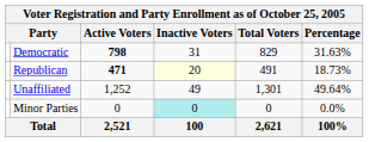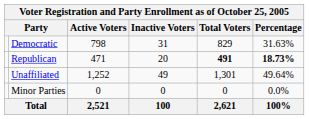 <table class=wikitable>
 <tr>
 <th colspan = 6>Voter Registration and Party Enrollment as of October 25, 2005</th>
 </tr>
 <tr>
 <th colspan = 2>Party</th>
 <th>Active Voters</th>
 <th>Inactive Voters</th>
 <th>Total Voters</th>
 <th>Percentage</th>
 </tr>
 <tr>
 <td></td>
 <td><a href='#'>Democratic</a></td>
-<td align = center><strong>798</strong></td>
+<td align = center>798</td>
 <td align = center>31</td>
 <td align = center>829</td>
 <td align = center>31.63%</td>
 </tr>
 <tr>
 <td></td>
 <td><a href='#'>Republican</a></td>
-<td align = center><strong>471</strong></td>
-<td align = center style="background: lightyellow;">20</td>
-<td align = center>491</td>
-<td align = center>18.73%</td>
+<td align = center>471</td>
+<td align = center>20</td>
+<td align = center><strong>491</strong></td>
+<td align = center><strong>18.73%</strong></td>
 </tr>
 <tr>
 <td></td>
 <td><a href='#'>Unaffiliated</a></td>
 <td align = center>1,252</td>
 <td align = center>49</td>
 <td align = center>1,301</td>
 <td align = center>49.64%</td>
 </tr>
 <tr>
 <td></td>
 <td>Minor Parties</td>
 <td align = center>0</td>
-<td align = center style="background: paleturquoise;">0</td>
+<td align = center>0</td>
 <td align = center>0</td>
 <td align = center>0.0%</td>
 </tr>
 <tr>
 <th colspan = 2>Total</th>
 <th align = center>2,521</th>
 <th align = center>100</th>
 <th align = center>2,621</th>
 <th align = center>100%</th>
 </tr>
 </table>
